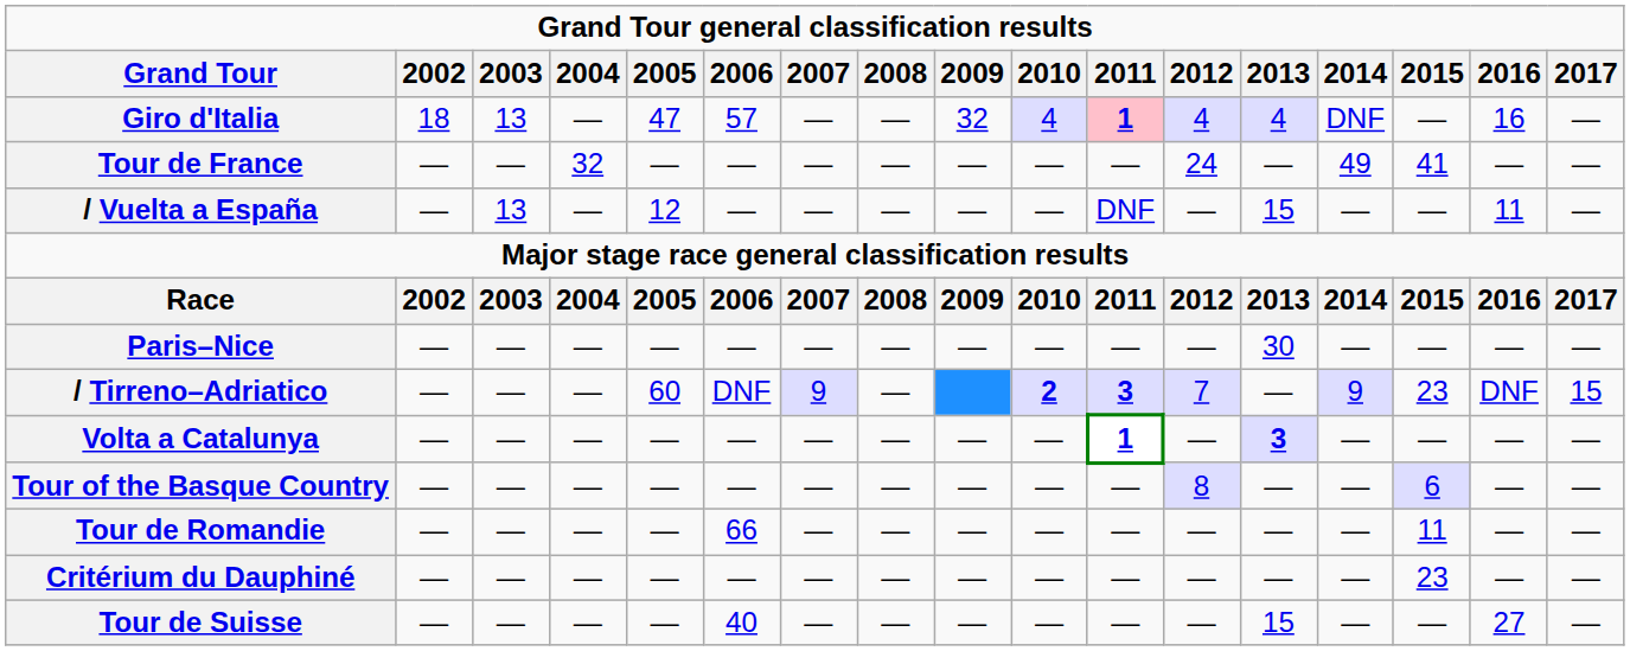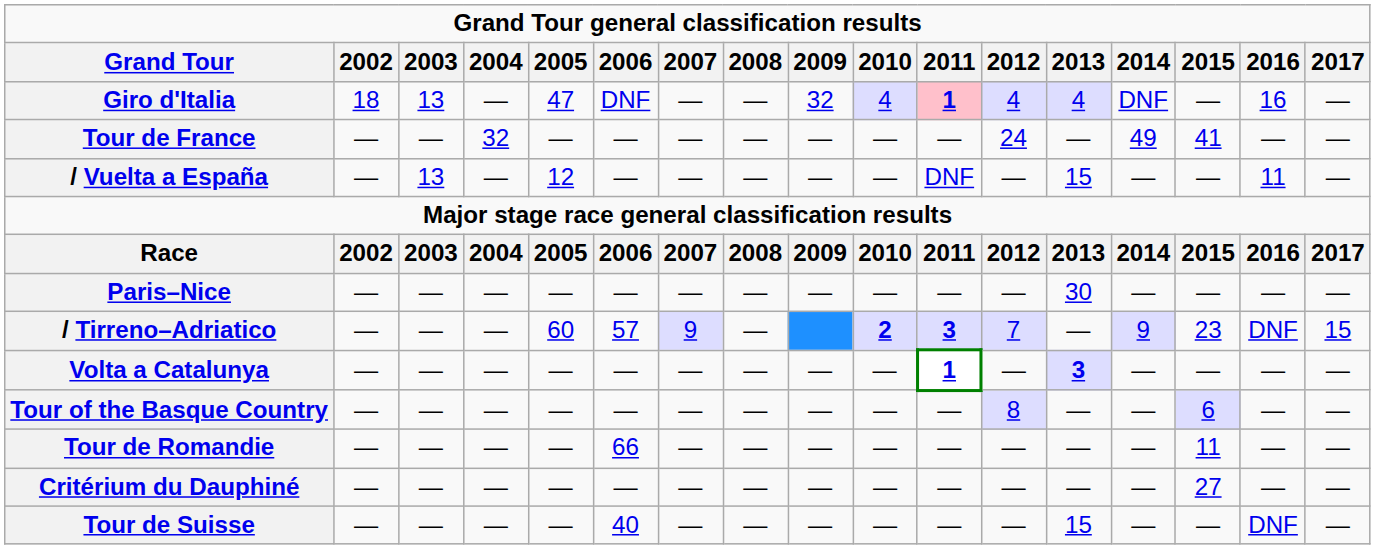 <table class="wikitable plainrowheaders">
 <tr>
 <td colspan="17" style="text-align:center;"><strong>Grand Tour general classification results</strong></td>
 </tr>
 <tr>
 <th scope="col"><a href='#'>Grand Tour</a></th>
 <th scope="col">2002</th>
 <th scope="col">2003</th>
 <th scope="col">2004</th>
 <th scope="col">2005</th>
 <th scope="col">2006</th>
 <th scope="col">2007</th>
 <th scope="col">2008</th>
 <th scope="col">2009</th>
 <th scope="col">2010</th>
 <th scope="col">2011</th>
 <th scope="col">2012</th>
 <th scope="col">2013</th>
 <th scope="col">2014</th>
 <th scope="col">2015</th>
 <th scope="col">2016</th>
 <th scope="col">2017</th>
 </tr>
 <tr style="text-align:center;">
 <th scope="row"> <a href='#'>Giro d'Italia</a></th>
 <td><a href='#'>18</a></td>
 <td><a href='#'>13</a></td>
 <td>—</td>
 <td><a href='#'>47</a></td>
-<td><a href='#'>57</a></td>
+<td><a href='#'>DNF</a></td>
 <td>—</td>
 <td>—</td>
 <td><a href='#'>32</a></td>
 <td style="background:#ddf;"><a href='#'>4</a></td>
 <td style="background:pink;"><a href='#'><strong>1</strong></a></td>
 <td style="background:#ddf;"><a href='#'>4</a></td>
 <td style="background:#ddf;"><a href='#'>4</a></td>
 <td><a href='#'>DNF</a></td>
 <td>—</td>
 <td><a href='#'>16</a></td>
 <td>—</td>
 </tr>
 <tr style="text-align:center;">
 <th scope="row"> <a href='#'>Tour de France</a></th>
 <td>—</td>
 <td>—</td>
 <td><a href='#'>32</a></td>
 <td>—</td>
 <td>—</td>
 <td>—</td>
 <td>—</td>
 <td>—</td>
 <td>—</td>
 <td>—</td>
 <td><a href='#'>24</a></td>
 <td>—</td>
 <td><a href='#'>49</a></td>
 <td><a href='#'>41</a></td>
 <td>—</td>
 <td>—</td>
 </tr>
 <tr style="text-align:center;">
 <th scope="row">/ <a href='#'>Vuelta a España</a></th>
 <td>—</td>
 <td><a href='#'>13</a></td>
 <td>—</td>
 <td><a href='#'>12</a></td>
 <td>—</td>
 <td>—</td>
 <td>—</td>
 <td>—</td>
 <td>—</td>
 <td><a href='#'>DNF</a></td>
 <td>—</td>
 <td><a href='#'>15</a></td>
 <td>—</td>
 <td>—</td>
 <td><a href='#'>11</a></td>
 <td>—</td>
 </tr>
 <tr>
 <td colspan="21" style="text-align:center;"><strong>Major stage race general classification results</strong></td>
 </tr>
 <tr>
 <th scope="col">Race</th>
 <th scope="col">2002</th>
 <th scope="col">2003</th>
 <th scope="col">2004</th>
 <th scope="col">2005</th>
 <th scope="col">2006</th>
 <th scope="col">2007</th>
 <th scope="col">2008</th>
 <th scope="col">2009</th>
 <th scope="col">2010</th>
 <th scope="col">2011</th>
 <th scope="col">2012</th>
 <th scope="col">2013</th>
 <th scope="col">2014</th>
 <th scope="col">2015</th>
 <th scope="col">2016</th>
 <th scope="col">2017</th>
 </tr>
 <tr style="text-align:center;">
 <th scope="row"> <a href='#'>Paris–Nice</a></th>
 <td>—</td>
 <td>—</td>
 <td>—</td>
 <td>—</td>
 <td>—</td>
 <td>—</td>
 <td>—</td>
 <td>—</td>
 <td>—</td>
 <td>—</td>
 <td>—</td>
 <td><a href='#'>30</a></td>
 <td>—</td>
 <td>—</td>
 <td>—</td>
 <td>—</td>
 </tr>
 <tr style="text-align:center;">
 <th scope="row">/ <a href='#'>Tirreno–Adriatico</a></th>
 <td>—</td>
 <td>—</td>
 <td>—</td>
 <td><a href='#'>60</a></td>
-<td><a href='#'>DNF</a></td>
+<td><a href='#'>57</a></td>
 <td style="background:#ddf;"><a href='#'>9</a></td>
 <td>—</td>
 <td style="background:dodgerblue;"></td>
 <td style="background:#ddf;"><a href='#'><strong>2</strong></a></td>
 <td style="background:#ddf;"><a href='#'><strong>3</strong></a></td>
 <td style="background:#ddf;"><a href='#'>7</a></td>
 <td>—</td>
 <td style="background:#ddf;"><a href='#'>9</a></td>
 <td><a href='#'>23</a></td>
 <td><a href='#'>DNF</a></td>
 <td><a href='#'>15</a></td>
 </tr>
 <tr style="text-align:center;">
 <th scope="row"> <a href='#'>Volta a Catalunya</a></th>
 <td>—</td>
 <td>—</td>
 <td>—</td>
 <td>—</td>
 <td>—</td>
 <td>—</td>
 <td>—</td>
 <td>—</td>
 <td>—</td>
 <td style="background:white; border:2px solid green;"><a href='#'><strong>1</strong></a></td>
 <td>—</td>
 <td style="background:#ddf;"><a href='#'><strong>3</strong></a></td>
 <td>—</td>
 <td>—</td>
 <td>—</td>
 <td>—</td>
 </tr>
 <tr style="text-align:center;">
 <th scope="row"> <a href='#'>Tour of the Basque Country</a></th>
 <td>—</td>
 <td>—</td>
 <td>—</td>
 <td>—</td>
 <td>—</td>
 <td>—</td>
 <td>—</td>
 <td>—</td>
 <td>—</td>
 <td>—</td>
 <td style="background:#ddf;"><a href='#'>8</a></td>
 <td>—</td>
 <td>—</td>
 <td style="background:#ddf;"><a href='#'>6</a></td>
 <td>—</td>
 <td>—</td>
 </tr>
 <tr style="text-align:center;">
 <th scope="row"> <a href='#'>Tour de Romandie</a></th>
 <td>—</td>
 <td>—</td>
 <td>—</td>
 <td>—</td>
 <td><a href='#'>66</a></td>
 <td>—</td>
 <td>—</td>
 <td>—</td>
 <td>—</td>
 <td>—</td>
 <td>—</td>
 <td>—</td>
 <td>—</td>
 <td><a href='#'>11</a></td>
 <td>—</td>
 <td>—</td>
 </tr>
 <tr style="text-align:center;">
 <th scope="row"> <a href='#'>Critérium du Dauphiné</a></th>
 <td>—</td>
 <td>—</td>
 <td>—</td>
 <td>—</td>
 <td>—</td>
 <td>—</td>
 <td>—</td>
 <td>—</td>
 <td>—</td>
 <td>—</td>
 <td>—</td>
 <td>—</td>
 <td>—</td>
-<td><a href='#'>23</a></td>
+<td><a href='#'>27</a></td>
 <td>—</td>
 <td>—</td>
 </tr>
 <tr align="center">
 <th scope="row"> <a href='#'>Tour de Suisse</a></th>
 <td>—</td>
 <td>—</td>
 <td>—</td>
 <td>—</td>
 <td><a href='#'>40</a></td>
 <td>—</td>
 <td>—</td>
 <td>—</td>
 <td>—</td>
 <td>—</td>
 <td>—</td>
 <td><a href='#'>15</a></td>
 <td>—</td>
 <td>—</td>
-<td><a href='#'>27</a></td>
+<td><a href='#'>DNF</a></td>
 <td>—</td>
 </tr>
 </table>
